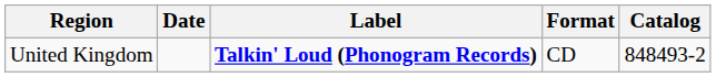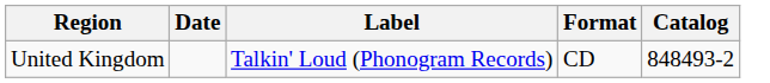 <table class="wikitable">
 <tr>
 <th>Region</th>
 <th>Date</th>
 <th>Label</th>
 <th>Format</th>
 <th>Catalog</th>
 </tr>
 <tr>
 <td>United Kingdom</td>
 <td rowspan="2"></td>
-<td><strong><a href='#'>Talkin' Loud</a> (<a href='#'>Phonogram Records</a>)</strong></td>
+<td><a href='#'>Talkin' Loud</a> (<a href='#'>Phonogram Records</a>)</td>
 <td rowspan="5">CD</td>
 <td>848493-2</td>
 </tr>
 </table>
